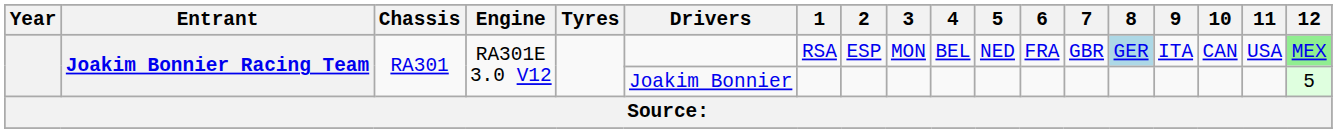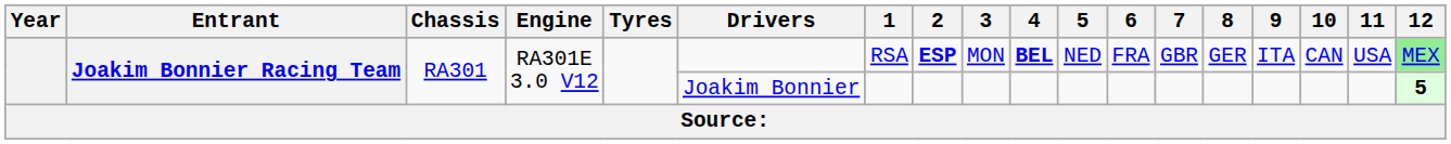 <table class="wikitable" style="text-align:center; font-size:85%">
 <tr>
 <th>Year</th>
 <th>Entrant</th>
 <th>Chassis</th>
 <th>Engine</th>
 <th>Tyres</th>
 <th>Drivers</th>
 <th>1</th>
 <th>2</th>
 <th>3</th>
 <th>4</th>
 <th>5</th>
 <th>6</th>
 <th>7</th>
 <th>8</th>
 <th>9</th>
 <th>10</th>
 <th>11</th>
 <th>12</th>
 </tr>
 <tr>
 <th rowspan="2"></th>
 <th rowspan="2"><a href='#'>Joakim Bonnier Racing Team</a></th>
 <td rowspan="2"><a href='#'>RA301</a></td>
 <td rowspan="2">RA301E<br>3.0 <a href='#'>V12</a></td>
 <td rowspan="2"></td>
 <td></td>
 <td><a href='#'>RSA</a></td>
-<td><a href='#'>ESP</a></td>
+<td><strong><a href='#'>ESP</a></strong></td>
 <td><a href='#'>MON</a></td>
-<td><a href='#'>BEL</a></td>
+<td><strong><a href='#'>BEL</a></strong></td>
 <td><a href='#'>NED</a></td>
 <td><a href='#'>FRA</a></td>
 <td><a href='#'>GBR</a></td>
-<td style="background: lightblue;"><a href='#'>GER</a></td>
+<td><a href='#'>GER</a></td>
 <td><a href='#'>ITA</a></td>
 <td><a href='#'>CAN</a></td>
 <td><a href='#'>USA</a></td>
 <td style="background: lightgreen;"><a href='#'>MEX</a></td>
 </tr>
 <tr>
 <td align="left"> <a href='#'>Joakim Bonnier</a></td>
 <td></td>
 <td></td>
 <td></td>
 <td></td>
 <td></td>
 <td></td>
 <td></td>
 <td></td>
 <td></td>
 <td></td>
 <td></td>
-<td style="background:#dfffdf;">5</td>
+<td style="background:#dfffdf;"><strong>5</strong></td>
 </tr>
 <tr>
 <th colspan="18">Source:</th>
 </tr>
 </table>
